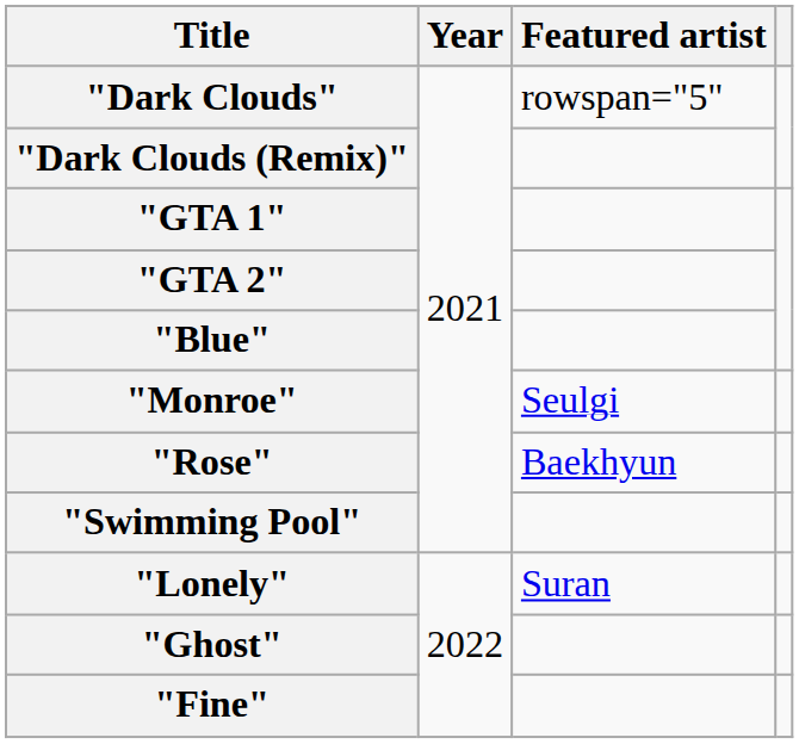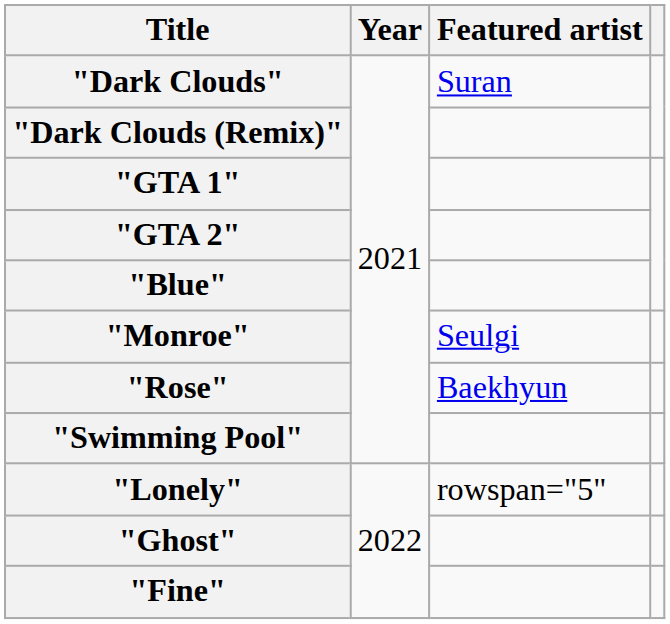 <table class="wikitable plainrowheaders sortable">
 <tr>
 <th scope="col">Title</th>
 <th scope="col">Year</th>
 <th scope="col">Featured artist</th>
 <th scope="col"></th>
 </tr>
 <tr>
 <th scope="row">"Dark Clouds"</th>
 <td rowspan="8">2021</td>
-<td>rowspan="5" </td>
+<td><a href='#'>Suran</a></td>
 <td rowspan="2" style="text-align:center"></td>
 </tr>
 <tr>
 <th scope="row">"Dark Clouds (Remix)"</th>
 </tr>
 <tr>
 <th scope="row">"GTA 1"</th>
 <td style="text-align:center"></td>
 </tr>
 <tr>
 <th scope="row">"GTA 2"</th>
 <td style="text-align:center"></td>
 </tr>
 <tr>
 <th scope="row">"Blue"</th>
 <td style="text-align:center"></td>
 </tr>
 <tr>
 <th scope="row">"Monroe"</th>
 <td><a href='#'>Seulgi</a></td>
 <td style="text-align:center"></td>
 </tr>
 <tr>
 <th scope="row">"Rose"</th>
 <td><a href='#'>Baekhyun</a></td>
 <td style="text-align:center"></td>
 </tr>
 <tr>
 <th scope="row">"Swimming Pool"</th>
 <td></td>
 <td style="text-align:center"></td>
 </tr>
 <tr>
 <th scope="row">"Lonely"</th>
 <td rowspan="3">2022</td>
-<td><a href='#'>Suran</a></td>
+<td>rowspan="5" </td>
 <td style="text-align:center"></td>
 </tr>
 <tr>
 <th scope="row">"Ghost"</th>
 <td></td>
 <td style="text-align:center"></td>
 </tr>
 <tr>
 <th scope="row">"Fine"</th>
 <td></td>
 <td style="text-align:center"></td>
 </tr>
 </table>
